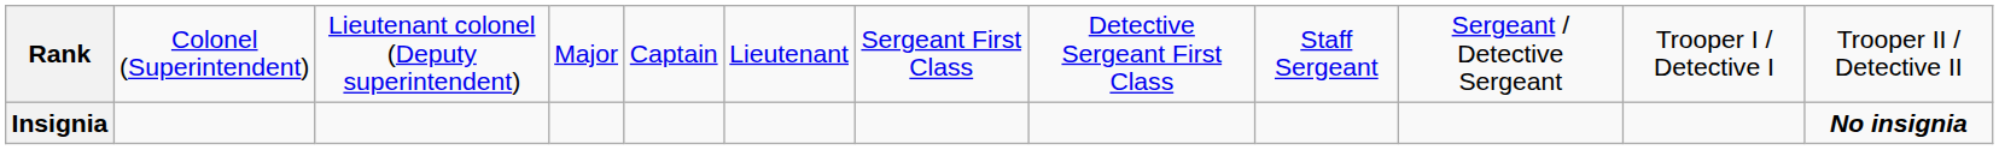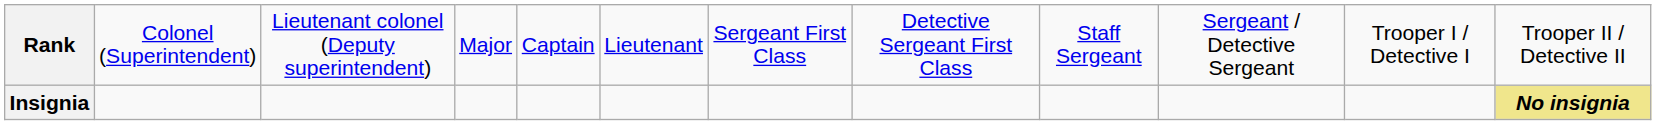 <table class="wikitable">
 <tr style="text-align:center;">
 <th>Rank</th>
 <td><a href='#'>Colonel</a><br>(<a href='#'>Superintendent</a>)</td>
 <td><a href='#'>Lieutenant colonel</a><br>(<a href='#'>Deputy superintendent</a>)</td>
 <td><a href='#'>Major</a></td>
 <td><a href='#'>Captain</a></td>
 <td><a href='#'>Lieutenant</a></td>
 <td><a href='#'>Sergeant First Class</a></td>
 <td><a href='#'>Detective Sergeant First Class</a></td>
 <td><a href='#'>Staff Sergeant</a></td>
 <td><a href='#'>Sergeant</a> / Detective Sergeant</td>
 <td>Trooper I / Detective I</td>
 <td>Trooper II / Detective II</td>
 </tr>
 <tr style="text-align:center;">
 <th>Insignia</th>
 <td></td>
 <td></td>
 <td></td>
 <td></td>
 <td></td>
 <td></td>
 <td></td>
 <td></td>
 <td></td>
 <td></td>
-<td><strong><em>No insignia</em></strong></td>
+<td style="background: khaki;"><strong><em>No insignia</em></strong></td>
 </tr>
 </table>
